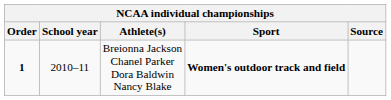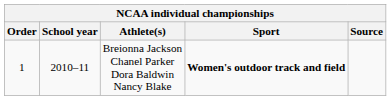 <table class="wikitable sortable">
 <tr align="center">
 <th colspan=5>NCAA individual championships</th>
 </tr>
 <tr>
 <th>Order</th>
 <th>School year</th>
 <th>Athlete(s)</th>
 <th>Sport</th>
 <th>Source</th>
 </tr>
 <tr align="center" bgcolor="">
-<td><strong>1</strong></td>
+<td>1</td>
 <td>2010–11</td>
 <td>Breionna Jackson<br>Chanel Parker<br>Dora Baldwin<br>Nancy Blake</td>
 <td><strong>Women's outdoor track and field</strong></td>
 <td></td>
 </tr>
 </table>
